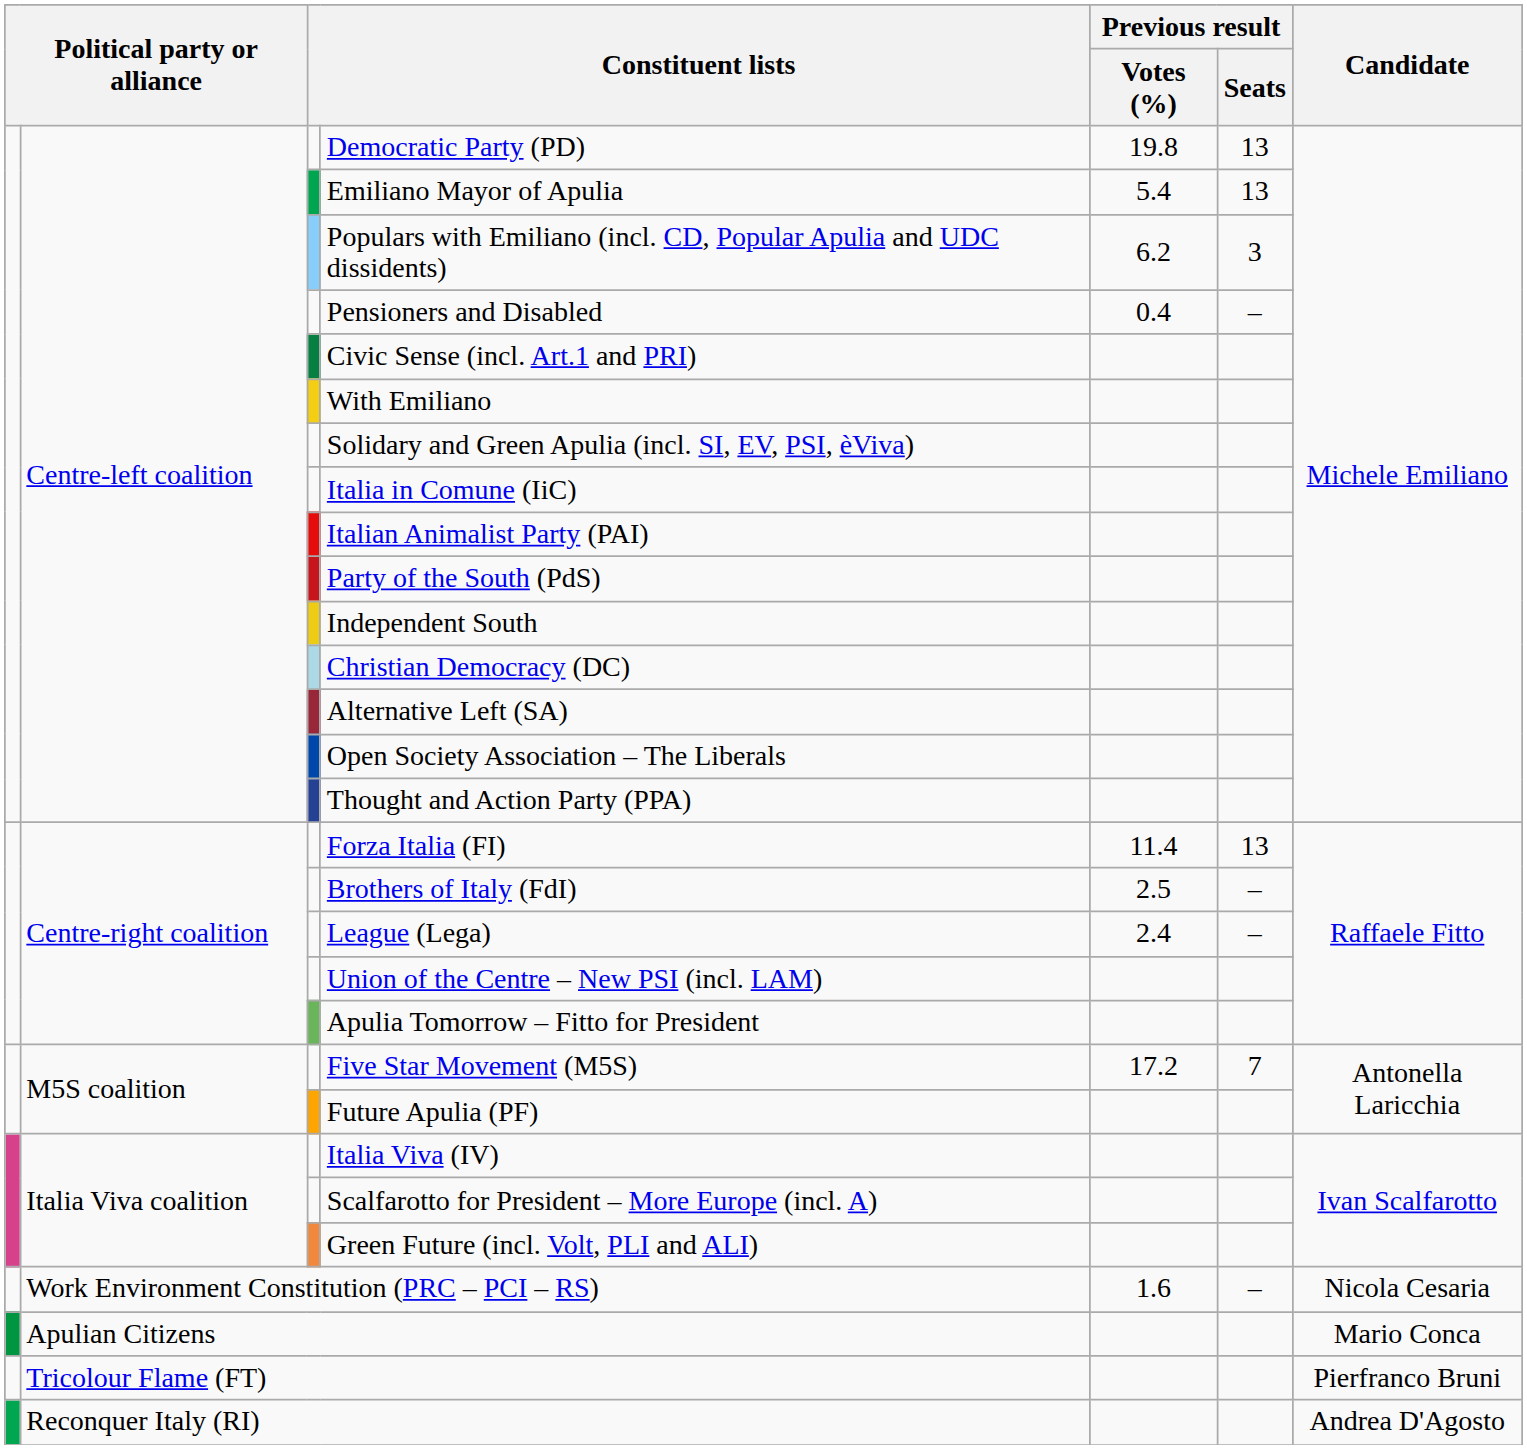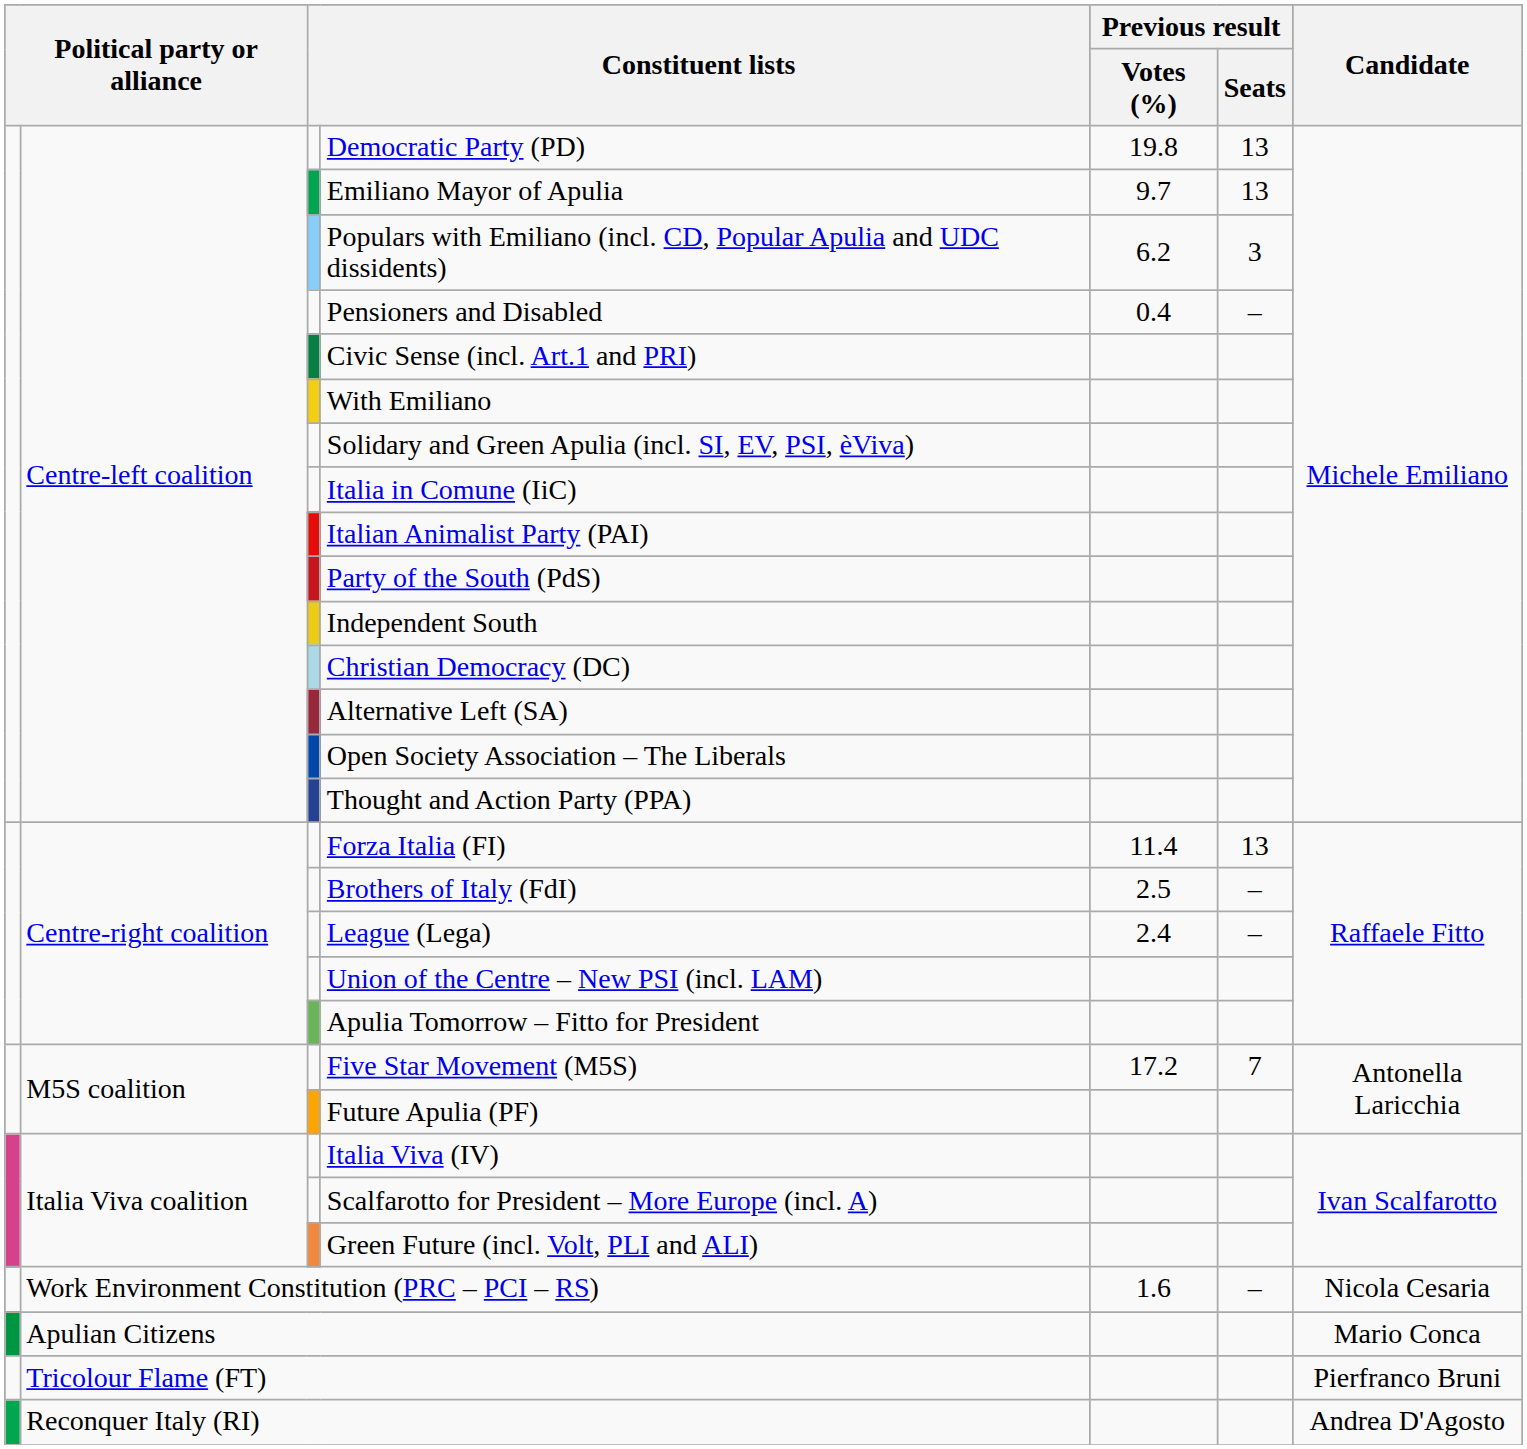 <table class="wikitable" style="text-align:left">
 <tr>
 <th colspan=2 rowspan="2">Political party or alliance</th>
 <th colspan=2 rowspan="2">Constituent lists</th>
 <th colspan="2">Previous result</th>
 <th rowspan="2">Candidate</th>
 </tr>
 <tr>
 <th>Votes (%)</th>
 <th>Seats</th>
 </tr>
 <tr>
 <td rowspan="15"></td>
 <td rowspan="15"><a href='#'>Centre-left coalition</a></td>
 <td></td>
 <td style="text-align:left;"><a href='#'>Democratic Party</a> (PD)</td>
 <td align=center>19.8</td>
 <td align=center>13</td>
 <td rowspan="15" style="text-align:center;"><a href='#'>Michele Emiliano</a></td>
 </tr>
 <tr>
 <td bgcolor="#00A64F"></td>
 <td style="text-align:left;">Emiliano Mayor of Apulia</td>
-<td align=center>5.4</td>
+<td align=center>9.7</td>
 <td align=center>13</td>
 </tr>
 <tr>
 <td bgcolor="#87CEFA"></td>
 <td style="text-align:left;">Populars with Emiliano (incl. <a href='#'>CD</a>, <a href='#'>Popular Apulia</a> and <a href='#'>UDC</a> dissidents)</td>
 <td align=center>6.2</td>
 <td align=center>3</td>
 </tr>
 <tr>
 <td></td>
 <td style="text-align:left;">Pensioners and Disabled</td>
 <td align=center>0.4</td>
 <td align=center>–</td>
 </tr>
 <tr>
 <td style="background:#057f42;"></td>
 <td style="text-align:left;">Civic Sense (incl. <a href='#'>Art.1</a> and <a href='#'>PRI</a>)</td>
 <td></td>
 <td></td>
 </tr>
 <tr>
 <td bgcolor="#F4CE13"></td>
 <td>With Emiliano</td>
 <td></td>
 <td></td>
 </tr>
 <tr>
 <td></td>
 <td style="text-align:left;">Solidary and Green Apulia (incl. <a href='#'>SI</a>, <a href='#'>EV</a>, <a href='#'>PSI</a>, <a href='#'>èViva</a>)</td>
 <td></td>
 <td></td>
 </tr>
 <tr>
 <td></td>
 <td style="text-align:left;"><a href='#'>Italia in Comune</a> (IiC)</td>
 <td></td>
 <td></td>
 </tr>
 <tr>
 <td bgcolor="#E60C0C"></td>
 <td style="text-align:left;"><a href='#'>Italian Animalist Party</a> (PAI)</td>
 <td></td>
 <td></td>
 </tr>
 <tr>
 <td bgcolor="#C6151D"></td>
 <td><a href='#'>Party of the South</a> (PdS)</td>
 <td></td>
 <td></td>
 </tr>
 <tr>
 <td bgcolor="#EECC13"></td>
 <td>Independent South</td>
 <td></td>
 <td></td>
 </tr>
 <tr>
 <td bgcolor="lightblue"></td>
 <td><a href='#'>Christian Democracy</a> (DC)</td>
 <td></td>
 <td></td>
 </tr>
 <tr>
 <td bgcolor="#982839"></td>
 <td>Alternative Left (SA)</td>
 <td></td>
 <td></td>
 </tr>
 <tr>
 <td bgcolor="0047AB"></td>
 <td>Open Society Association – The Liberals</td>
 <td></td>
 <td></td>
 </tr>
 <tr>
 <td bgcolor="254194"></td>
 <td>Thought and Action Party (PPA)</td>
 <td></td>
 <td></td>
 </tr>
 <tr>
 <td rowspan="5" style="background:"></td>
 <td rowspan="5"><a href='#'>Centre-right coalition</a></td>
 <td></td>
 <td style="text-align:left;"><a href='#'>Forza Italia</a> (FI)</td>
 <td align=center>11.4</td>
 <td align=center>13</td>
 <td rowspan="5" style="text-align:center;"><a href='#'>Raffaele Fitto</a></td>
 </tr>
 <tr>
 <td></td>
 <td style="text-align:left;"><a href='#'>Brothers of Italy</a> (FdI)</td>
 <td align=center>2.5</td>
 <td align=center>–</td>
 </tr>
 <tr>
 <td></td>
 <td style="text-align:left;"><a href='#'>League</a> (Lega)</td>
 <td align=center>2.4</td>
 <td align=center>–</td>
 </tr>
 <tr>
 <td></td>
 <td style="text-align:left;"><a href='#'>Union of the Centre</a> – <a href='#'>New PSI</a> (incl. <a href='#'>LAM</a>)</td>
 <td></td>
 <td></td>
 </tr>
 <tr>
 <td bgcolor="#6AB55A"></td>
 <td>Apulia Tomorrow – Fitto for President</td>
 <td></td>
 <td></td>
 </tr>
 <tr>
 <td rowspan="2" style="background-color:"></td>
 <td rowspan="2">M5S coalition</td>
 <td></td>
 <td style="text-align:left;"><a href='#'>Five Star Movement</a> (M5S)</td>
 <td align=center>17.2</td>
 <td align=center>7</td>
 <td rowspan="2" style="text-align:center;">Antonella Laricchia</td>
 </tr>
 <tr>
 <td style="background:#FFA500"></td>
 <td>Future Apulia (PF)</td>
 <td></td>
 <td></td>
 </tr>
 <tr>
 <td rowspan="3" style="background:#D6418C"></td>
 <td rowspan="3">Italia Viva coalition</td>
 <td></td>
 <td style="text-align:left;"><a href='#'>Italia Viva</a> (IV)</td>
 <td></td>
 <td></td>
 <td rowspan="3" style="text-align:center;"><a href='#'>Ivan Scalfarotto</a></td>
 </tr>
 <tr>
 <td></td>
 <td style="text-align:left;">Scalfarotto for President – <a href='#'>More Europe</a> (incl. <a href='#'>A</a>)</td>
 <td></td>
 <td></td>
 </tr>
 <tr>
 <td style="background:#F2883C"></td>
 <td>Green Future (incl. <a href='#'>Volt</a>, <a href='#'>PLI</a> and <a href='#'>ALI</a>)</td>
 <td></td>
 <td></td>
 </tr>
 <tr>
 <td style="background-color:"></td>
 <td colspan="3">Work Environment Constitution (<a href='#'>PRC</a> – <a href='#'>PCI</a> – <a href='#'>RS</a>)</td>
 <td align=center>1.6</td>
 <td align=center>–</td>
 <td style="text-align:center;">Nicola Cesaria</td>
 </tr>
 <tr>
 <td style="background-color:#009541"></td>
 <td colspan="3">Apulian Citizens</td>
 <td></td>
 <td></td>
 <td style="text-align:center;">Mario Conca</td>
 </tr>
 <tr>
 <td style="background-color:"></td>
 <td colspan="3"><a href='#'>Tricolour Flame</a> (FT)</td>
 <td></td>
 <td></td>
 <td style="text-align:center;">Pierfranco Bruni</td>
 </tr>
 <tr>
 <td bgcolor="#00A650"></td>
 <td colspan="3">Reconquer Italy (RI)</td>
 <td></td>
 <td></td>
 <td style="text-align:center;">Andrea D'Agosto</td>
 </tr>
 </table>
